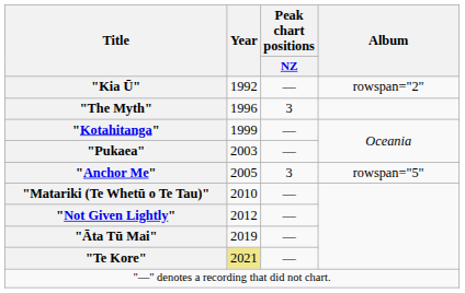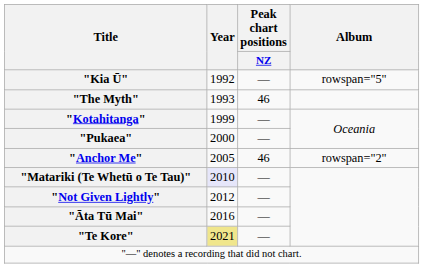 <table class="wikitable plainrowheaders" style="text-align:center;">
 <tr>
 <th scope="col" rowspan="2" style="width:16em;">Title</th>
 <th scope="col" rowspan="2" style="width:1em;">Year</th>
 <th scope="col" colspan="1">Peak chart positions</th>
 <th scope="col" rowspan="2" style="width:10em;">Album</th>
 </tr>
 <tr>
 <th scope="col" style="width:3em;font-size:90%;"><a href='#'>NZ</a><br></th>
 </tr>
 <tr>
 <th scope="row">"Kia Ū"</th>
 <td>1992</td>
 <td>—</td>
-<td>rowspan="2" </td>
+<td>rowspan="5" </td>
 </tr>
 <tr>
 <th scope="row">"The Myth"</th>
-<td>1996</td>
-<td>3</td>
+<td>1993</td>
+<td>46</td>
 </tr>
 <tr>
 <th scope="row">"<a href='#'>Kotahitanga</a>"<br></th>
 <td>1999</td>
 <td>—</td>
 <td rowspan="2"><em>Oceania</em></td>
 </tr>
 <tr>
 <th scope="row">"Pukaea"<br></th>
-<td>2003</td>
+<td>2000</td>
 <td>—</td>
 </tr>
 <tr>
 <th scope="row">"<a href='#'>Anchor Me</a>"<br></th>
 <td>2005</td>
-<td>3</td>
-<td>rowspan="5" </td>
+<td>46</td>
+<td>rowspan="2" </td>
 </tr>
 <tr>
 <th scope="row">"Matariki (Te Whetū o Te Tau)"</th>
-<td>2010</td>
+<td style="background: lavender;">2010</td>
 <td>—</td>
 </tr>
 <tr>
 <th scope="row">"<a href='#'>Not Given Lightly</a>"<br></th>
 <td>2012</td>
 <td>—</td>
 </tr>
 <tr>
 <th scope="row">"Āta Tū Mai"</th>
-<td>2019</td>
+<td>2016</td>
 <td>—</td>
 </tr>
 <tr>
 <th scope="row">"Te Kore"<br></th>
 <td style="background: khaki;">2021</td>
 <td>—</td>
 </tr>
 <tr>
 <td colspan="8" style="font-size:85%;">"—" denotes a recording that did not chart.</td>
 </tr>
 </table>
